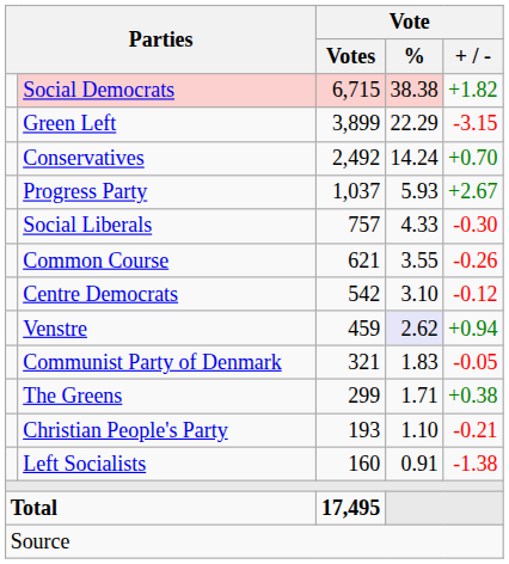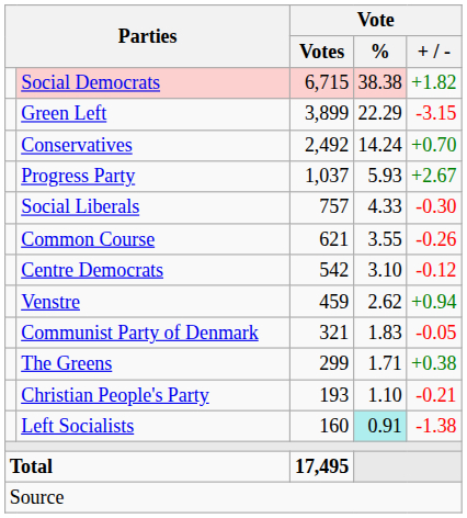 <table class="wikitable" style="text-align:right;">
 <tr>
 <th style="text-align:centre;" rowspan="2" colspan="2" width="225">Parties</th>
 <th colspan="3">Vote</th>
 </tr>
 <tr>
 <th width="15">Votes</th>
 <th width="15">%</th>
 <th width="15">+ / -</th>
 </tr>
 <tr>
 <td width="2" style="color:inherit;background:"></td>
 <td bgcolor=#fbd0ce  align="left"><a href='#'>Social Democrats</a></td>
 <td bgcolor=#fbd0ce>6,715</td>
 <td bgcolor=#fbd0ce>38.38</td>
 <td style=color:green;>+1.82</td>
 </tr>
 <tr>
 <td width="2" style="color:inherit;background:"></td>
 <td align="left"><a href='#'>Green Left</a></td>
 <td>3,899</td>
 <td>22.29</td>
 <td style=color:red;>-3.15</td>
 </tr>
 <tr>
 <td width="2" style="color:inherit;background:"></td>
 <td align="left"><a href='#'>Conservatives</a></td>
 <td>2,492</td>
 <td>14.24</td>
 <td style=color:green;>+0.70</td>
 </tr>
 <tr>
 <td width="2" style="color:inherit;background:"></td>
 <td align="left"><a href='#'>Progress Party</a></td>
 <td>1,037</td>
 <td>5.93</td>
 <td style=color:green;>+2.67</td>
 </tr>
 <tr>
 <td width="2" style="color:inherit;background:"></td>
 <td align="left"><a href='#'>Social Liberals</a></td>
 <td>757</td>
 <td>4.33</td>
 <td style=color:red;>-0.30</td>
 </tr>
 <tr>
 <td width="2" style="color:inherit;background:"></td>
 <td align="left"><a href='#'>Common Course</a></td>
 <td>621</td>
 <td>3.55</td>
 <td style=color:red;>-0.26</td>
 </tr>
 <tr>
 <td width="2" style="color:inherit;background:"></td>
 <td align="left"><a href='#'>Centre Democrats</a></td>
 <td>542</td>
 <td>3.10</td>
 <td style=color:red;>-0.12</td>
 </tr>
 <tr>
 <td width="2" style="color:inherit;background:"></td>
 <td align="left"><a href='#'>Venstre</a></td>
 <td>459</td>
-<td style="background: lavender;">2.62</td>
+<td>2.62</td>
 <td style=color:green;>+0.94</td>
 </tr>
 <tr>
 <td width="2" style="color:inherit;background:"></td>
 <td align="left"><a href='#'>Communist Party of Denmark</a></td>
 <td>321</td>
 <td>1.83</td>
 <td style=color:red;>-0.05</td>
 </tr>
 <tr>
 <td width="2" style="color:inherit;background:"></td>
 <td align="left"><a href='#'>The Greens</a></td>
 <td>299</td>
 <td>1.71</td>
 <td style=color:green;>+0.38</td>
 </tr>
 <tr>
 <td width="2" style="color:inherit;background:"></td>
 <td align="left"><a href='#'>Christian People's Party</a></td>
 <td>193</td>
 <td>1.10</td>
 <td style=color:red;>-0.21</td>
 </tr>
 <tr>
 <td width="2" style="color:inherit;background:"></td>
 <td align="left"><a href='#'>Left Socialists</a></td>
 <td>160</td>
-<td>0.91</td>
+<td style="background: paleturquoise;">0.91</td>
 <td style=color:red;>-1.38</td>
 </tr>
 <tr>
 <td colspan="7" bgcolor="#E9E9E9"></td>
 </tr>
 <tr>
 <td align="left" colspan="2"><strong>Total</strong></td>
 <td><strong>17,495</strong></td>
 <td bgcolor="#E9E9E9" colspan="2"></td>
 </tr>
 <tr>
 <td align="left" colspan="6">Source</td>
 </tr>
 </table>
